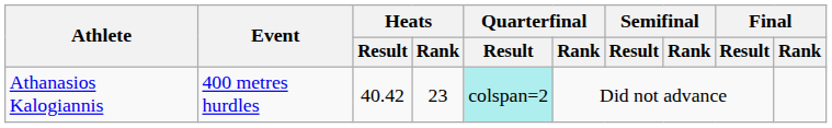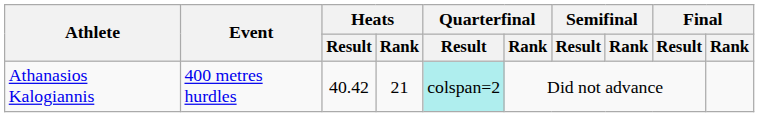 <table class="wikitable" style="font-size:90%">
 <tr>
 <th rowspan="2">Athlete</th>
 <th rowspan="2">Event</th>
 <th colspan="2">Heats</th>
 <th colspan="2">Quarterfinal</th>
 <th colspan="2">Semifinal</th>
 <th colspan="2">Final</th>
 </tr>
 <tr style="font-size:95%">
 <th>Result</th>
 <th>Rank</th>
 <th>Result</th>
 <th>Rank</th>
 <th>Result</th>
 <th>Rank</th>
 <th>Result</th>
 <th>Rank</th>
 </tr>
 <tr align=center>
 <td align=left><a href='#'>Athanasios Kalogiannis</a></td>
 <td align=left><a href='#'>400 metres hurdles</a></td>
 <td>40.42</td>
-<td>23</td>
+<td>21</td>
 <td style="background: paleturquoise;">colspan=2</td>
 <td colspan=4>Did not advance</td>
 </tr>
 </table>
